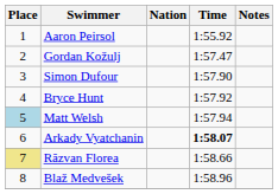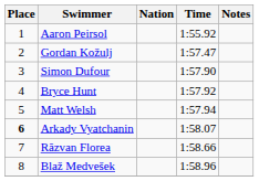 <table class="wikitable sortable" style="text-align:center">
 <tr>
 <th>Place</th>
 <th>Swimmer</th>
 <th>Nation</th>
 <th>Time</th>
 <th>Notes</th>
 </tr>
 <tr>
 <td>1</td>
 <td align=left><a href='#'>Aaron Peirsol</a></td>
 <td align=left></td>
 <td>1:55.92</td>
 <td></td>
 </tr>
 <tr>
 <td>2</td>
 <td align=left><a href='#'>Gordan Kožulj</a></td>
 <td align=left></td>
 <td>1:57.47</td>
 <td></td>
 </tr>
 <tr>
 <td>3</td>
 <td align=left><a href='#'>Simon Dufour</a></td>
 <td align=left></td>
 <td>1:57.90</td>
 <td></td>
 </tr>
 <tr>
 <td>4</td>
 <td align=left><a href='#'>Bryce Hunt</a></td>
 <td align=left></td>
 <td>1:57.92</td>
 <td></td>
 </tr>
 <tr>
-<td style="background: lightblue;">5</td>
+<td>5</td>
 <td align=left><a href='#'>Matt Welsh</a></td>
 <td align=left></td>
 <td>1:57.94</td>
 <td></td>
 </tr>
 <tr>
-<td>6</td>
+<td><strong>6</strong></td>
 <td align=left><a href='#'>Arkady Vyatchanin</a></td>
 <td align=left></td>
-<td><strong>1:58.07</strong></td>
+<td>1:58.07</td>
 <td></td>
 </tr>
 <tr>
-<td style="background: khaki;">7</td>
+<td>7</td>
 <td align=left><a href='#'>Răzvan Florea</a></td>
 <td align=left></td>
 <td>1:58.66</td>
 <td></td>
 </tr>
 <tr>
 <td>8</td>
 <td align=left><a href='#'>Blaž Medvešek</a></td>
 <td align=left></td>
 <td>1:58.96</td>
 <td></td>
 </tr>
 <tr>
 </tr>
 </table>
